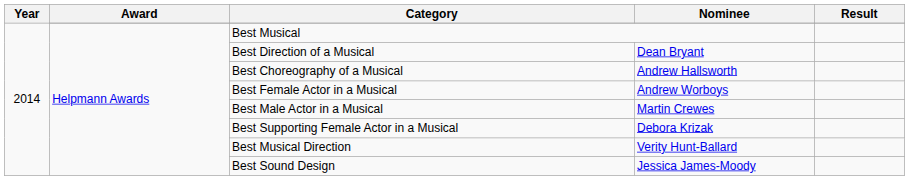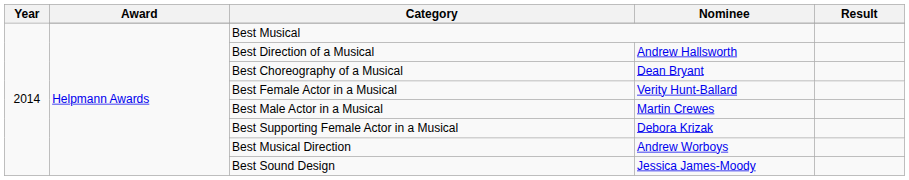 <table class="wikitable" width="95%">
 <tr>
 <th width="5%">Year</th>
 <th width="20%">Award</th>
 <th width="45%">Category</th>
 <th width="20%">Nominee</th>
 <th width="10%">Result</th>
 </tr>
 <tr>
 <td rowspan="9" align="center">2014</td>
 </tr>
 <tr>
 <td rowspan="8"><a href='#'>Helpmann Awards</a></td>
 <td colspan="2">Best Musical</td>
 <td></td>
 </tr>
 <tr>
 <td colspan="1">Best Direction of a Musical</td>
+<td><a href='#'>Andrew Hallsworth</a></td>
+<td></td>
+</tr>
+<tr>
+<td colspan="1">Best Choreography of a Musical</td>
 <td><a href='#'>Dean Bryant</a></td>
 <td></td>
 </tr>
 <tr>
-<td colspan="1">Best Choreography of a Musical</td>
-<td><a href='#'>Andrew Hallsworth</a></td>
-<td></td>
-</tr>
-<tr>
 <td colspan="1">Best Female Actor in a Musical</td>
-<td><a href='#'>Andrew Worboys</a></td>
+<td><a href='#'>Verity Hunt-Ballard</a></td>
 <td></td>
 </tr>
 <tr>
 <td colspan="1">Best Male Actor in a Musical</td>
 <td><a href='#'>Martin Crewes</a></td>
 <td></td>
 </tr>
 <tr>
 <td colspan="1">Best Supporting Female Actor in a Musical</td>
 <td><a href='#'>Debora Krizak</a></td>
 <td></td>
 </tr>
 <tr>
 <td colspan="1">Best Musical Direction</td>
-<td><a href='#'>Verity Hunt-Ballard</a></td>
+<td><a href='#'>Andrew Worboys</a></td>
 <td></td>
 </tr>
 <tr>
 <td colspan="1">Best Sound Design</td>
 <td><a href='#'>Jessica James-Moody</a></td>
 <td></td>
 </tr>
 </table>
